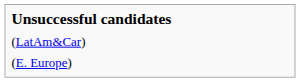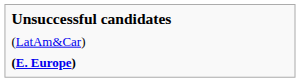 <table class="infobox" width="300px">
 <tr>
 <td><strong>Unsuccessful candidates</strong></td>
 </tr>
 <tr>
 <td> <small>(<a href='#'>LatAm&Car</a>)</small></td>
 </tr>
 <tr>
-<td> <small>(<a href='#'>E. Europe</a>)</small></td>
+<td><strong> <small>(<a href='#'>E. Europe</a>)</small></strong></td>
 </tr>
 </table>
